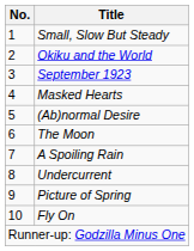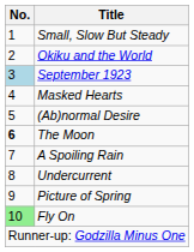 <table class="wikitable">
 <tr>
 <th>No.</th>
 <th>Title</th>
 </tr>
 <tr>
 <td>1</td>
 <td><em>Small, Slow But Steady</em></td>
 </tr>
 <tr>
 <td>2</td>
 <td><em><a href='#'>Okiku and the World</a></em></td>
 </tr>
 <tr>
-<td>3</td>
+<td style="background: lightblue;">3</td>
 <td><em><a href='#'>September 1923</a></em></td>
 </tr>
 <tr>
 <td>4</td>
 <td><em>Masked Hearts</em></td>
 </tr>
 <tr>
 <td>5</td>
 <td><em>(Ab)normal Desire</em></td>
 </tr>
 <tr>
-<td>6</td>
+<td><strong>6</strong></td>
 <td><em>The Moon</em></td>
 </tr>
 <tr>
 <td>7</td>
 <td><em>A Spoiling Rain</em></td>
 </tr>
 <tr>
 <td>8</td>
 <td><em>Undercurrent</em></td>
 </tr>
 <tr>
 <td>9</td>
 <td><em>Picture of Spring</em></td>
 </tr>
 <tr>
-<td>10</td>
+<td style="background: lightgreen;">10</td>
 <td><em>Fly On</em></td>
 </tr>
 <tr>
 <td colspan="2">Runner-up: <em><a href='#'>Godzilla Minus One</a></em></td>
 </tr>
 </table>
